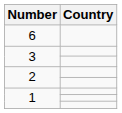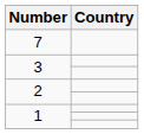 <table class="wikitable sortable">
 <tr>
 <th>Number</th>
 <th>Country</th>
 </tr>
 <tr>
-<td style="text-align:center;">6</td>
+<td style="text-align:center;">7</td>
 <td></td>
 </tr>
 <tr>
 <td rowspan="2" style="text-align:center;">3</td>
 <td></td>
 </tr>
 <tr>
 <td></td>
 </tr>
 <tr>
 <td rowspan="2" style="text-align:center;">2</td>
 <td></td>
 </tr>
 <tr>
 <td></td>
 </tr>
 <tr>
 <td rowspan=3 style="text-align:center;">1</td>
 <td></td>
 </tr>
 <tr>
 <td></td>
 </tr>
 <tr>
 <td></td>
 </tr>
 </table>
